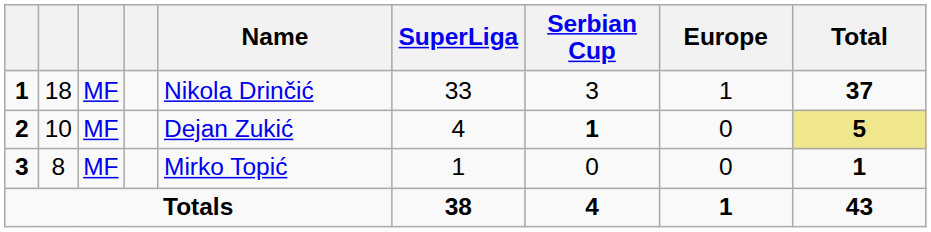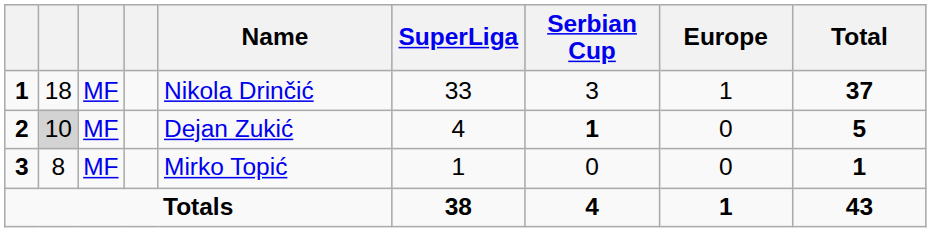 <table class="wikitable" style="text-align:center">
 <tr>
 <th width="15"></th>
 <th width="15"></th>
 <th width="15"></th>
 <th width="15"></th>
 <th width="145">Name</th>
 <th width="80"><strong><a href='#'>SuperLiga</a></strong></th>
 <th width="80"><strong><a href='#'>Serbian Cup</a></strong></th>
 <th width="80"><strong>Europe</strong></th>
 <th width="80">Total</th>
 </tr>
 <tr>
 <td><strong>1</strong></td>
 <td>18</td>
 <td><a href='#'>MF</a></td>
 <td></td>
 <td align="left"><a href='#'>Nikola Drinčić</a></td>
 <td>33</td>
 <td>3</td>
 <td>1</td>
 <td><strong>37</strong></td>
 </tr>
 <tr>
 <td><strong>2</strong></td>
-<td>10</td>
+<td style="background: lightgrey;">10</td>
 <td><a href='#'>MF</a></td>
 <td></td>
 <td align="left"><a href='#'>Dejan Zukić</a></td>
 <td>4</td>
 <td><strong>1</strong></td>
 <td>0</td>
-<td style="background: khaki;"><strong>5</strong></td>
+<td><strong>5</strong></td>
 </tr>
 <tr>
 <td><strong>3</strong></td>
 <td>8</td>
 <td><a href='#'>MF</a></td>
 <td></td>
 <td align="left"><a href='#'>Mirko Topić</a></td>
 <td>1</td>
 <td>0</td>
 <td>0</td>
 <td><strong>1</strong></td>
 </tr>
 <tr>
 <td colspan="5"><strong>Totals</strong></td>
 <td><strong>38</strong></td>
 <td><strong>4</strong></td>
 <td><strong>1</strong></td>
 <td><strong>43</strong></td>
 </tr>
 </table>
